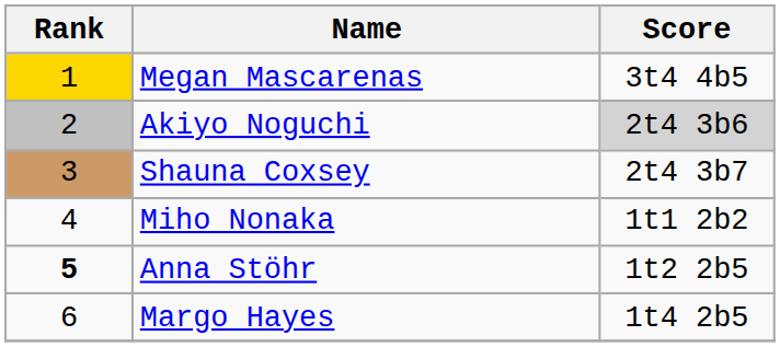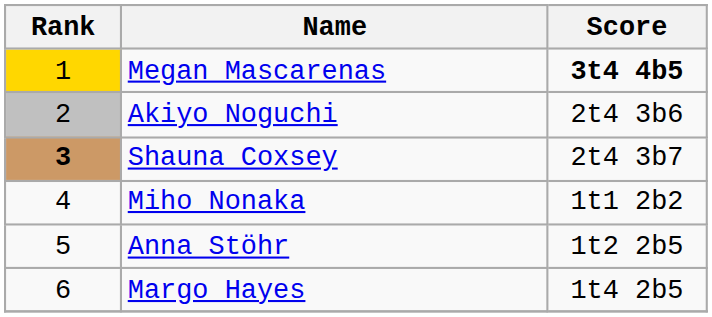 <table class="wikitable">
 <tr>
 <th width = "50">Rank</th>
 <th width = "200">Name</th>
 <th width = "70">Score</th>
 </tr>
 <tr>
 <td align="center" style="background: gold">1</td>
 <td> <a href='#'>Megan Mascarenas</a></td>
-<td align="center">3t4 4b5</td>
+<td align="center"><strong>3t4 4b5</strong></td>
 </tr>
 <tr>
 <td align="center" style="background: silver">2</td>
 <td> <a href='#'>Akiyo Noguchi</a></td>
-<td align="center" style="background: lightgrey;">2t4 3b6</td>
+<td align="center">2t4 3b6</td>
 </tr>
 <tr>
-<td align="center" style="background: #cc9966">3</td>
+<td align="center" style="background: #cc9966"><strong>3</strong></td>
 <td> <a href='#'>Shauna Coxsey</a></td>
 <td align="center">2t4 3b7</td>
 </tr>
 <tr>
 <td align="center">4</td>
 <td> <a href='#'>Miho Nonaka</a></td>
 <td align="center">1t1 2b2</td>
 </tr>
 <tr>
-<td align="center"><strong>5</strong></td>
+<td align="center">5</td>
 <td> <a href='#'>Anna Stöhr</a></td>
 <td align="center">1t2 2b5</td>
 </tr>
 <tr>
 <td align="center">6</td>
 <td> <a href='#'>Margo Hayes</a></td>
 <td align="center">1t4 2b5</td>
 </tr>
 <tr>
 </tr>
 </table>
